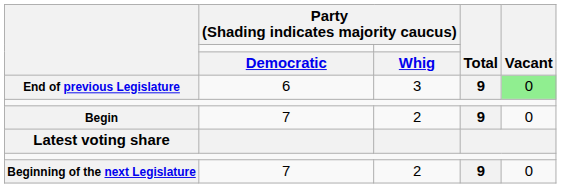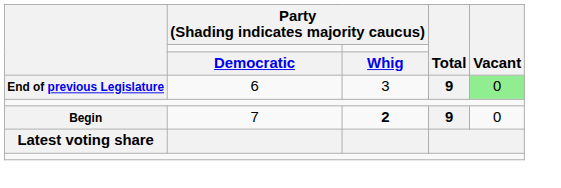 <table class=wikitable style="text-align:center">
 <tr style="vertical-align:bottom;">
 <th rowspan=3></th>
 <th colspan=2>Party <div>(Shading indicates majority caucus)</div></th>
 <th rowspan=3>Total</th>
 <th rowspan=3>Vacant</th>
 </tr>
 <tr style="height:5px">
 <td style="background-color:"></td>
 <td style="background-color:"></td>
 </tr>
 <tr>
 <th><a href='#'>Democratic</a></th>
 <th><a href='#'>Whig</a></th>
 </tr>
 <tr>
 <th style="white-space:nowrap; font-size:80%;">End of <a href='#'>previous Legislature</a></th>
 <td>6</td>
 <td>3</td>
 <th>9</th>
 <td style="background: lightgreen;">0</td>
 </tr>
 <tr>
 <td colspan="5"></td>
 </tr>
 <tr>
 <th style="font-size:80%">Begin</th>
 <td>7</td>
-<td>2</td>
+<td><strong>2</strong></td>
 <th>9</th>
 <td>0</td>
 </tr>
 <tr>
 <th>Latest voting share</th>
 <th></th>
 <th></th>
 <th colspan=2></th>
 </tr>
 <tr>
 <td colspan="5"></td>
 </tr>
-<tr>
-<th style="white-space:nowrap; font-size:80%;">Beginning of the <a href='#'>next Legislature</a></th>
-<td>7</td>
-<td>2</td>
-<th>9</th>
-<td>0</td>
-</tr>
 </table>
